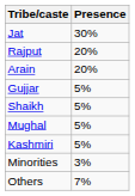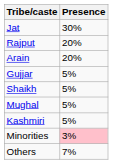 <table class="wikitable sortable">
 <tr>
 <th>Tribe/caste</th>
 <th>Presence</th>
 </tr>
 <tr>
 <td><a href='#'>Jat</a></td>
 <td>30%</td>
 </tr>
 <tr>
 <td><a href='#'>Rajput</a></td>
 <td>20%</td>
 </tr>
 <tr>
 <td><a href='#'>Arain</a></td>
 <td>20%</td>
 </tr>
 <tr>
 <td><a href='#'>Gujjar</a></td>
 <td>5%</td>
 </tr>
 <tr>
 <td><a href='#'>Shaikh</a></td>
 <td>5%</td>
 </tr>
 <tr>
 <td><a href='#'>Mughal</a></td>
 <td>5%</td>
 </tr>
 <tr>
 <td><a href='#'>Kashmiri</a></td>
 <td>5%</td>
 </tr>
 <tr>
 <td>Minorities</td>
-<td>3%</td>
+<td style="background: pink;">3%</td>
 </tr>
 <tr>
 <td>Others</td>
 <td>7%</td>
 </tr>
 </table>
